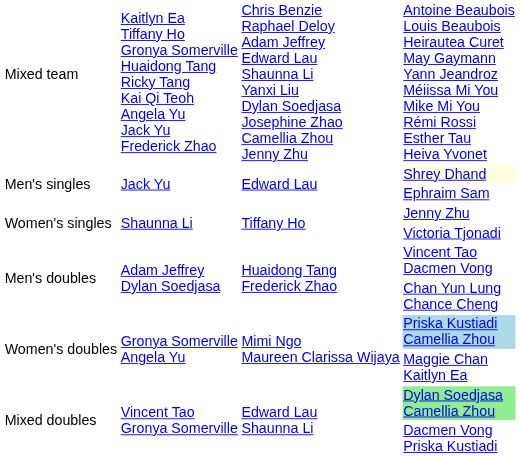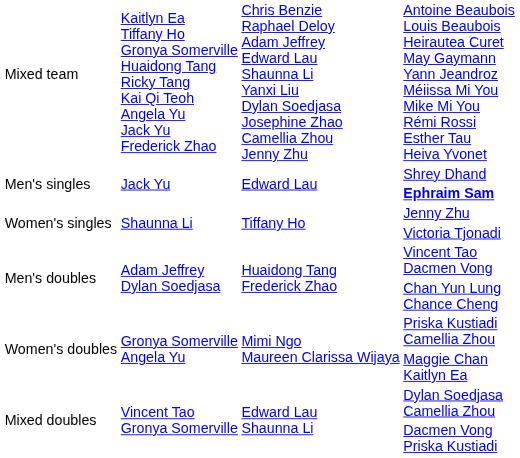 <table>
 <tr>
 <td>Mixed team<br></td>
 <td align="left"><br><a href='#'>Kaitlyn Ea</a><br><a href='#'>Tiffany Ho</a><br><a href='#'>Gronya Somerville</a><br><a href='#'>Huaidong Tang</a><br><a href='#'>Ricky Tang</a><br><a href='#'>Kai Qi Teoh</a><br><a href='#'> Angela Yu</a><br><a href='#'>Jack Yu</a><br><a href='#'>Frederick Zhao</a></td>
 <td align="left"><br><a href='#'>Chris Benzie</a><br><a href='#'>Raphael Deloy</a><br><a href='#'>Adam Jeffrey</a><br><a href='#'>Edward Lau</a><br><a href='#'>Shaunna Li</a><br><a href='#'> Yanxi Liu</a> <br><a href='#'>Dylan Soedjasa</a><br><a href='#'>Josephine Zhao</a><br><a href='#'>Camellia Zhou</a><br><a href='#'>Jenny Zhu</a></td>
 <td align="left"> <br><a href='#'>Antoine Beaubois</a><br><a href='#'>Louis Beaubois</a><br><a href='#'>Heirautea Curet</a><br><a href='#'>May Gaymann</a><br><a href='#'>Yann Jeandroz</a><br><a href='#'>Méiissa Mi You</a><br><a href='#'>Mike Mi You</a><br><a href='#'>Rémi Rossi</a><br><a href='#'>Esther Tau</a><br><a href='#'>Heiva Yvonet</a></td>
 </tr>
 <tr>
 <td rowspan="2">Men's singles<br></td>
 <td rowspan="2"> <a href='#'>Jack Yu</a></td>
 <td rowspan="2"> <a href='#'>Edward Lau</a></td>
-<td style="background: lightyellow;"> <a href='#'>Shrey Dhand</a></td>
+<td> <a href='#'>Shrey Dhand</a></td>
 </tr>
 <tr>
-<td> <a href='#'>Ephraim Sam</a></td>
+<td><strong> <a href='#'>Ephraim Sam</a></strong></td>
 </tr>
 <tr>
 <td rowspan="2">Women's singles<br></td>
 <td rowspan="2"> <a href='#'>Shaunna Li</a></td>
 <td rowspan="2"> <a href='#'>Tiffany Ho</a></td>
 <td> <a href='#'>Jenny Zhu</a></td>
 </tr>
 <tr>
 <td> <a href='#'>Victoria Tjonadi</a></td>
 </tr>
 <tr>
 <td rowspan="2">Men's doubles<br></td>
 <td rowspan="2"> <a href='#'>Adam Jeffrey</a><br> <a href='#'>Dylan Soedjasa</a></td>
 <td rowspan="2"> <a href='#'>Huaidong Tang</a><br> <a href='#'>Frederick Zhao</a></td>
 <td> <a href='#'>Vincent Tao</a><br> <a href='#'>Dacmen Vong</a></td>
 </tr>
 <tr>
 <td> <a href='#'>Chan Yun Lung</a><br> <a href='#'>Chance Cheng</a></td>
 </tr>
 <tr>
 <td rowspan="2">Women's doubles<br></td>
 <td rowspan="2"> <a href='#'>Gronya Somerville</a><br> <a href='#'>Angela Yu</a></td>
 <td rowspan="2"> <a href='#'>Mimi Ngo</a><br> <a href='#'>Maureen Clarissa Wijaya</a></td>
-<td style="background: lightblue;"> <a href='#'>Priska Kustiadi</a><br> <a href='#'>Camellia Zhou</a></td>
+<td> <a href='#'>Priska Kustiadi</a><br> <a href='#'>Camellia Zhou</a></td>
 </tr>
 <tr>
 <td> <a href='#'>Maggie Chan</a><br> <a href='#'>Kaitlyn Ea</a></td>
 </tr>
 <tr>
 <td rowspan="2">Mixed doubles<br></td>
 <td rowspan="2"> <a href='#'>Vincent Tao</a><br> <a href='#'>Gronya Somerville</a></td>
 <td rowspan="2"> <a href='#'>Edward Lau</a><br> <a href='#'>Shaunna Li</a></td>
-<td style="background: lightgreen;"> <a href='#'>Dylan Soedjasa</a><br> <a href='#'>Camellia Zhou</a></td>
+<td> <a href='#'>Dylan Soedjasa</a><br> <a href='#'>Camellia Zhou</a></td>
 </tr>
 <tr>
 <td> <a href='#'>Dacmen Vong</a><br> <a href='#'>Priska Kustiadi</a></td>
 </tr>
 </table>
